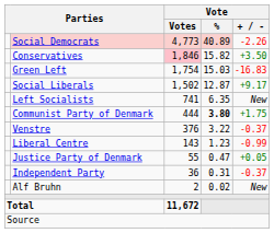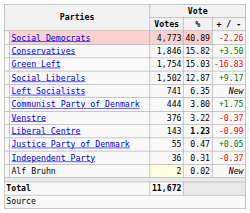 <table class="wikitable" style="text-align:right;">
 <tr>
 <th style="text-align:centre;" rowspan="2" colspan="2" width="225">Parties</th>
 <th colspan="3">Vote</th>
 </tr>
 <tr>
 <th width="15">Votes</th>
 <th width="15">%</th>
 <th width="15">+ / -</th>
 </tr>
 <tr>
 <td width="2" style="color:inherit;background:"></td>
 <td bgcolor=#fbd0ce  align="left"><a href='#'>Social Democrats</a></td>
 <td bgcolor=#fbd0ce>4,773</td>
 <td bgcolor=#fbd0ce>40.89</td>
 <td style=color:red;>-2.26</td>
 </tr>
 <tr>
 <td width="2" style="color:inherit;background:"></td>
 <td align="left"><a href='#'>Conservatives</a></td>
-<td style="background: pink;">1,846</td>
+<td>1,846</td>
 <td>15.82</td>
 <td style=color:green;>+3.50</td>
 </tr>
 <tr>
 <td width="2" style="color:inherit;background:"></td>
 <td align="left"><a href='#'>Green Left</a></td>
 <td>1,754</td>
 <td>15.03</td>
 <td style=color:red;>-16.83</td>
 </tr>
 <tr>
 <td width="2" style="color:inherit;background:"></td>
 <td align="left"><a href='#'>Social Liberals</a></td>
 <td>1,502</td>
 <td>12.87</td>
 <td style=color:green;>+9.17</td>
 </tr>
 <tr>
 <td width="2" style="color:inherit;background:"></td>
 <td align="left"><a href='#'>Left Socialists</a></td>
 <td>741</td>
 <td>6.35</td>
 <td><em>New</em></td>
 </tr>
 <tr>
 <td width="2" style="color:inherit;background:"></td>
 <td align="left"><a href='#'>Communist Party of Denmark</a></td>
 <td>444</td>
-<td><strong>3.80</strong></td>
+<td>3.80</td>
 <td style=color:green;>+1.75</td>
 </tr>
 <tr>
 <td width="2" style="color:inherit;background:"></td>
 <td align="left"><a href='#'>Venstre</a></td>
 <td>376</td>
 <td>3.22</td>
 <td style=color:red;>-0.37</td>
 </tr>
 <tr>
 <td width="2" style="color:inherit;background:"></td>
 <td align="left"><a href='#'>Liberal Centre</a></td>
 <td>143</td>
-<td>1.23</td>
+<td><strong>1.23</strong></td>
 <td style=color:red;>-0.99</td>
 </tr>
 <tr>
 <td width="2" style="color:inherit;background:"></td>
 <td align="left"><a href='#'>Justice Party of Denmark</a></td>
 <td>55</td>
 <td>0.47</td>
 <td style=color:green;>+0.05</td>
 </tr>
 <tr>
 <td width="2" style="color:inherit;background:"></td>
 <td align="left"><a href='#'>Independent Party</a></td>
 <td>36</td>
 <td>0.31</td>
 <td style=color:red;>-0.37</td>
 </tr>
 <tr>
 <td width="2" style="color:inherit;background:"></td>
 <td align="left">Alf Bruhn</td>
-<td>2</td>
+<td style="background: lightyellow;">2</td>
 <td>0.02</td>
 <td><em>New</em></td>
 </tr>
 <tr>
 <td colspan="7" bgcolor="#E9E9E9"></td>
 </tr>
 <tr>
 <td align="left" colspan="2"><strong>Total</strong></td>
 <td><strong>11,672</strong></td>
 <td bgcolor="#E9E9E9" colspan="2"></td>
 </tr>
 <tr>
 <td align="left" colspan="6">Source</td>
 </tr>
 </table>
